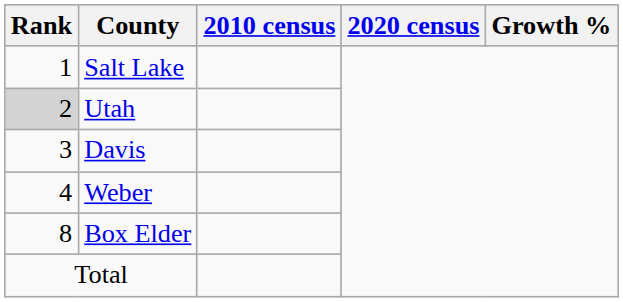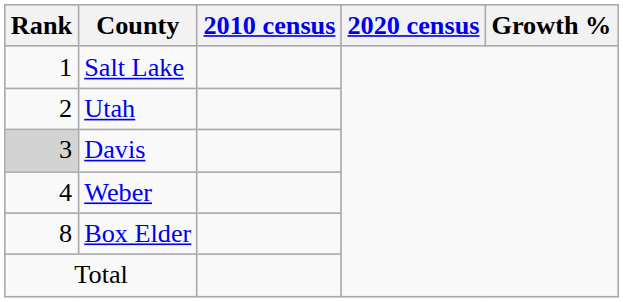 <table class="wikitable sortable">
 <tr>
 <th>Rank</th>
 <th>County</th>
 <th><a href='#'>2010 census</a></th>
 <th><a href='#'>2020 census</a></th>
 <th>Growth %</th>
 </tr>
 <tr>
 <td align=right>1</td>
 <td><a href='#'>Salt Lake</a></td>
 <td></td>
 </tr>
 <tr>
-<td align=right style="background: lightgrey;">2</td>
+<td align=right>2</td>
 <td><a href='#'>Utah</a></td>
 <td></td>
 </tr>
 <tr>
-<td align=right>3</td>
+<td align=right style="background: lightgrey;">3</td>
 <td><a href='#'>Davis</a></td>
 <td></td>
 </tr>
 <tr>
 <td align=right>4</td>
 <td><a href='#'>Weber</a></td>
 <td></td>
 </tr>
 <tr>
 <td align=right>8</td>
 <td><a href='#'>Box Elder</a></td>
 <td></td>
 </tr>
 <tr class="sortbottom">
 <td align=center colspan=2>Total</td>
 <td></td>
 </tr>
 </table>
